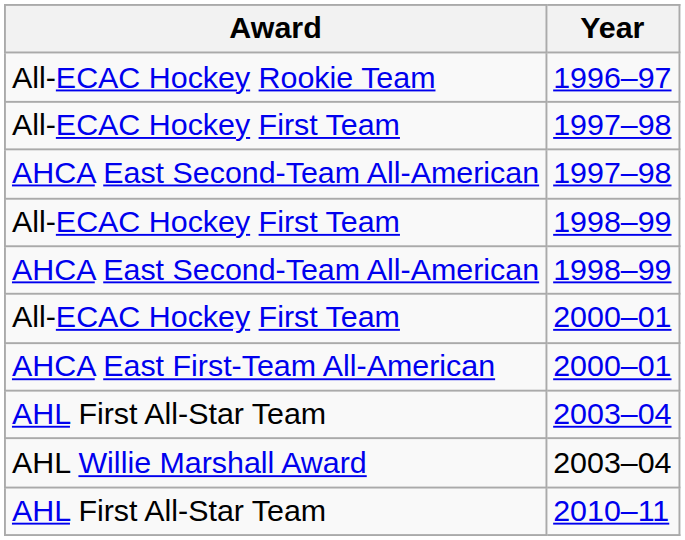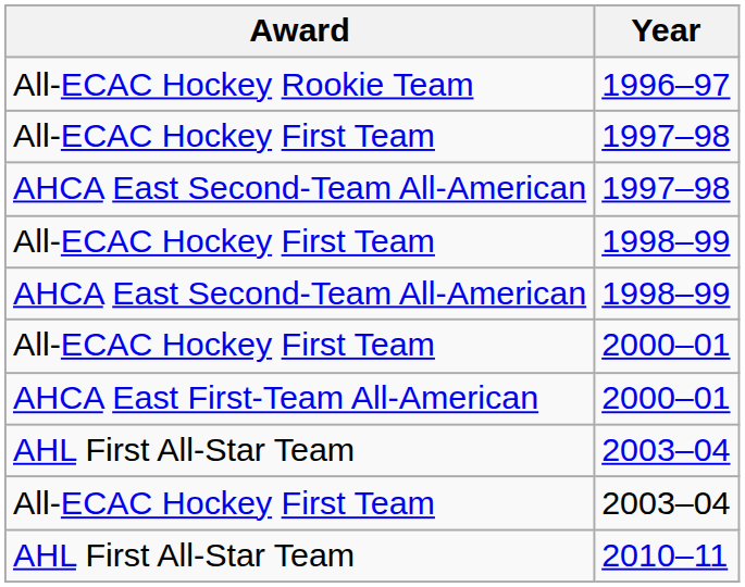 <table class="wikitable">
 <tr>
 <th>Award</th>
 <th>Year</th>
 </tr>
 <tr>
 <td>All-<a href='#'>ECAC Hockey</a> <a href='#'>Rookie Team</a></td>
 <td><a href='#'>1996–97</a></td>
 </tr>
 <tr>
 <td>All-<a href='#'>ECAC Hockey</a> <a href='#'>First Team</a></td>
 <td><a href='#'>1997–98</a></td>
 </tr>
 <tr>
 <td><a href='#'>AHCA</a> <a href='#'>East Second-Team All-American</a></td>
 <td><a href='#'>1997–98</a></td>
 </tr>
 <tr>
 <td>All-<a href='#'>ECAC Hockey</a> <a href='#'>First Team</a></td>
 <td><a href='#'>1998–99</a></td>
 </tr>
 <tr>
 <td><a href='#'>AHCA</a> <a href='#'>East Second-Team All-American</a></td>
 <td><a href='#'>1998–99</a></td>
 </tr>
 <tr>
 <td>All-<a href='#'>ECAC Hockey</a> <a href='#'>First Team</a></td>
 <td><a href='#'>2000–01</a></td>
 </tr>
 <tr>
 <td><a href='#'>AHCA</a> <a href='#'>East First-Team All-American</a></td>
 <td><a href='#'>2000–01</a></td>
 </tr>
 <tr>
 <td><a href='#'>AHL</a>  First All-Star Team</td>
 <td><a href='#'>2003–04</a></td>
 </tr>
 <tr>
-<td>AHL  <a href='#'>Willie Marshall Award</a></td>
+<td>All-<a href='#'>ECAC Hockey</a> <a href='#'>First Team</a></td>
 <td>2003–04</td>
 </tr>
 <tr>
 <td><a href='#'>AHL</a>  First All-Star Team</td>
 <td><a href='#'>2010–11</a></td>
 </tr>
 </table>
